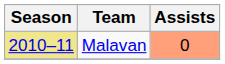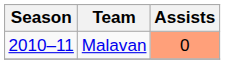 <table class="wikitable" style="text-align: center;">
 <tr>
 <th>Season</th>
 <th>Team</th>
 <th>Assists</th>
 </tr>
 <tr>
-<td style="background: khaki;"><a href='#'>2010–11</a></td>
+<td><a href='#'>2010–11</a></td>
 <td align="left"><a href='#'>Malavan</a></td>
 <td style="background: lightsalmon;">0</td>
 </tr>
 <tr>
 </tr>
 </table>
